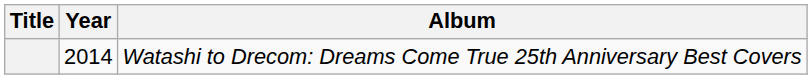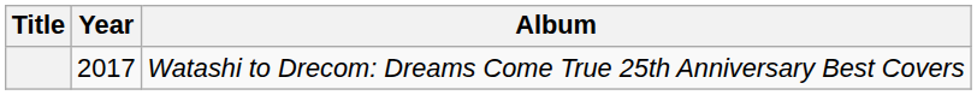 <table class="wikitable plainrowheaders" style="text-align:center;">
 <tr>
 <th scope="col">Title</th>
 <th scope="col">Year</th>
 <th scope="col">Album</th>
 </tr>
 <tr>
 <th scope="row"></th>
-<td>2014</td>
+<td>2017</td>
 <td><em>Watashi to Drecom: Dreams Come True 25th Anniversary Best Covers</em></td>
 </tr>
 </table>
